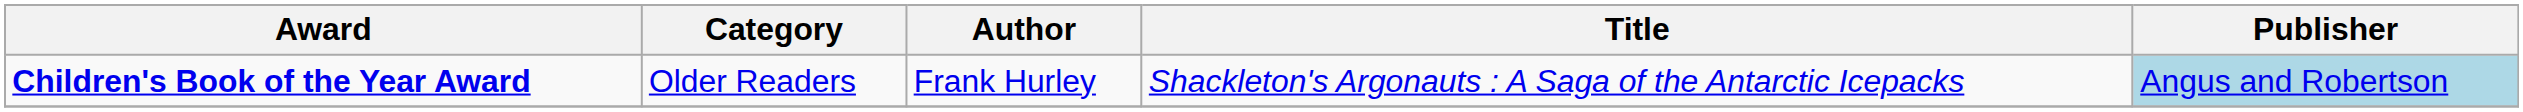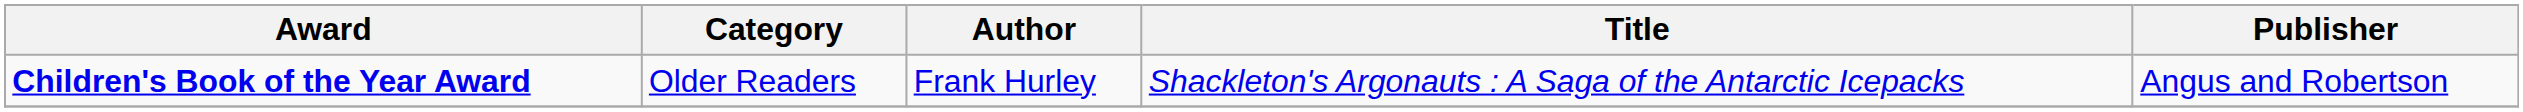 <table class="wikitable" width=100%>
 <tr>
 <th>Award</th>
 <th>Category</th>
 <th>Author</th>
 <th>Title</th>
 <th>Publisher</th>
 </tr>
 <tr>
 <td><strong><a href='#'>Children's Book of the Year Award</a></strong></td>
 <td><a href='#'>Older Readers</a></td>
 <td><a href='#'>Frank Hurley</a></td>
 <td><em><a href='#'>Shackleton's Argonauts : A Saga of the Antarctic Icepacks</a></em></td>
-<td style="background: lightblue;"><a href='#'>Angus and Robertson</a></td>
+<td><a href='#'>Angus and Robertson</a></td>
 </tr>
 <tr>
 </tr>
 </table>
